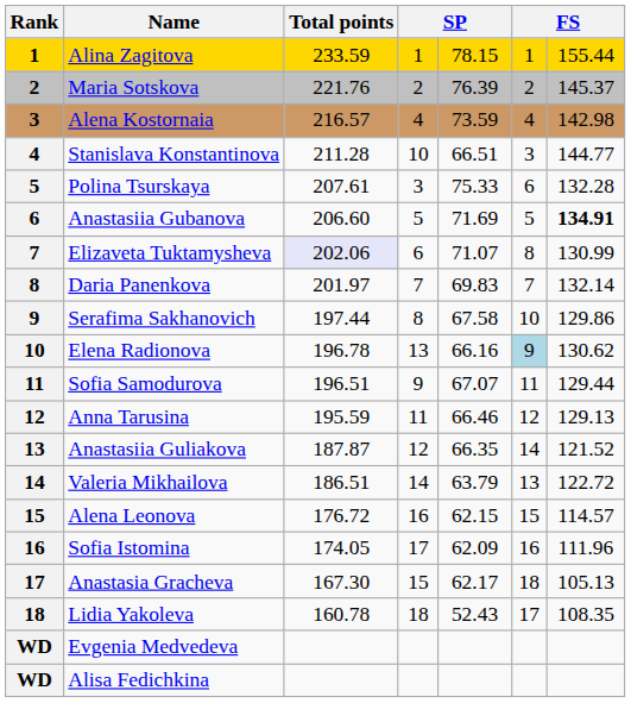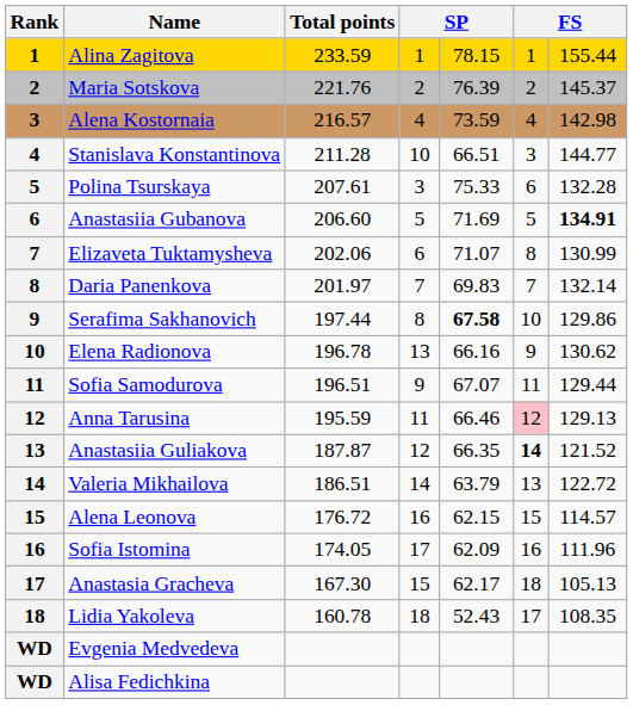 <table class="wikitable sortable">
 <tr>
 <th>Rank</th>
 <th>Name</th>
 <th>Total points</th>
 <th colspan="2" width="80px"><a href='#'>SP</a></th>
 <th colspan="2" width="80px"><a href='#'>FS</a></th>
 </tr>
 <tr bgcolor="gold">
 <td align="center"><strong>1</strong></td>
 <td><a href='#'>Alina Zagitova</a></td>
 <td align="center">233.59</td>
 <td align="center">1</td>
 <td align="center">78.15</td>
 <td align="center">1</td>
 <td align="center">155.44</td>
 </tr>
 <tr bgcolor="silver">
 <td align="center"><strong>2</strong></td>
 <td><a href='#'>Maria Sotskova</a></td>
 <td align="center">221.76</td>
 <td align="center">2</td>
 <td align="center">76.39</td>
 <td align="center">2</td>
 <td align="center">145.37</td>
 </tr>
 <tr bgcolor="cc9966">
 <td align="center"><strong>3</strong></td>
 <td><a href='#'>Alena Kostornaia</a></td>
 <td align="center">216.57</td>
 <td align="center">4</td>
 <td align="center">73.59</td>
 <td align="center">4</td>
 <td align="center">142.98</td>
 </tr>
 <tr>
 <th>4</th>
 <td><a href='#'>Stanislava Konstantinova</a></td>
 <td align="center">211.28</td>
 <td align="center">10</td>
 <td align="center">66.51</td>
 <td align="center">3</td>
 <td align="center">144.77</td>
 </tr>
 <tr>
 <th>5</th>
 <td><a href='#'>Polina Tsurskaya</a></td>
 <td align="center">207.61</td>
 <td align="center">3</td>
 <td align="center">75.33</td>
 <td align="center">6</td>
 <td align="center">132.28</td>
 </tr>
 <tr>
 <th>6</th>
 <td><a href='#'>Anastasiia Gubanova</a></td>
 <td align="center">206.60</td>
 <td align="center">5</td>
 <td align="center">71.69</td>
 <td align="center">5</td>
 <td align="center"><strong>134.91</strong></td>
 </tr>
 <tr>
 <th>7</th>
 <td><a href='#'>Elizaveta Tuktamysheva</a></td>
-<td align="center" style="background: lavender;">202.06</td>
+<td align="center">202.06</td>
 <td align="center">6</td>
 <td align="center">71.07</td>
 <td align="center">8</td>
 <td align="center">130.99</td>
 </tr>
 <tr>
 <th>8</th>
 <td><a href='#'>Daria Panenkova</a></td>
 <td align="center">201.97</td>
 <td align="center">7</td>
 <td align="center">69.83</td>
 <td align="center">7</td>
 <td align="center">132.14</td>
 </tr>
 <tr>
 <th>9</th>
 <td><a href='#'>Serafima Sakhanovich</a></td>
 <td align="center">197.44</td>
 <td align="center">8</td>
-<td align="center">67.58</td>
+<td align="center"><strong>67.58</strong></td>
 <td align="center">10</td>
 <td align="center">129.86</td>
 </tr>
 <tr>
 <th>10</th>
 <td><a href='#'>Elena Radionova</a></td>
 <td align="center">196.78</td>
 <td align="center">13</td>
 <td align="center">66.16</td>
-<td align="center" style="background: lightblue;">9</td>
+<td align="center">9</td>
 <td align="center">130.62</td>
 </tr>
 <tr>
 <th>11</th>
 <td><a href='#'>Sofia Samodurova</a></td>
 <td align="center">196.51</td>
 <td align="center">9</td>
 <td align="center">67.07</td>
 <td align="center">11</td>
 <td align="center">129.44</td>
 </tr>
 <tr>
 <th>12</th>
 <td><a href='#'>Anna Tarusina</a></td>
 <td align="center">195.59</td>
 <td align="center">11</td>
 <td align="center">66.46</td>
-<td align="center">12</td>
+<td align="center" style="background: pink;">12</td>
 <td align="center">129.13</td>
 </tr>
 <tr>
 <th>13</th>
 <td><a href='#'>Anastasiia Guliakova</a></td>
 <td align="center">187.87</td>
 <td align="center">12</td>
 <td align="center">66.35</td>
-<td align="center">14</td>
+<td align="center"><strong>14</strong></td>
 <td align="center">121.52</td>
 </tr>
 <tr>
 <th>14</th>
 <td><a href='#'>Valeria Mikhailova</a></td>
 <td align="center">186.51</td>
 <td align="center">14</td>
 <td align="center">63.79</td>
 <td align="center">13</td>
 <td align="center">122.72</td>
 </tr>
 <tr>
 <th>15</th>
 <td><a href='#'>Alena Leonova</a></td>
 <td align="center">176.72</td>
 <td align="center">16</td>
 <td align="center">62.15</td>
 <td align="center">15</td>
 <td align="center">114.57</td>
 </tr>
 <tr>
 <th>16</th>
 <td><a href='#'>Sofia Istomina</a></td>
 <td align="center">174.05</td>
 <td align="center">17</td>
 <td align="center">62.09</td>
 <td align="center">16</td>
 <td align="center">111.96</td>
 </tr>
 <tr>
 <th>17</th>
 <td><a href='#'>Anastasia Gracheva</a></td>
 <td align="center">167.30</td>
 <td align="center">15</td>
 <td align="center">62.17</td>
 <td align="center">18</td>
 <td align="center">105.13</td>
 </tr>
 <tr>
 <th>18</th>
 <td><a href='#'>Lidia Yakoleva</a></td>
 <td align="center">160.78</td>
 <td align="center">18</td>
 <td align="center">52.43</td>
 <td align="center">17</td>
 <td align="center">108.35</td>
 </tr>
 <tr>
 <th>WD</th>
 <td><a href='#'>Evgenia Medvedeva</a></td>
 <td></td>
 <td></td>
 <td></td>
 <td></td>
 <td></td>
 </tr>
 <tr>
 <th>WD</th>
 <td><a href='#'>Alisa Fedichkina</a></td>
 <td></td>
 <td></td>
 <td></td>
 <td></td>
 <td></td>
 </tr>
 </table>
